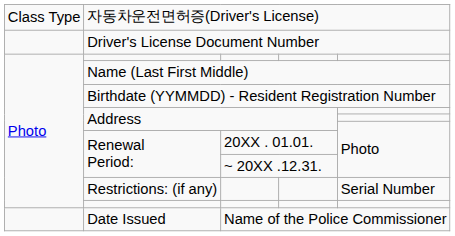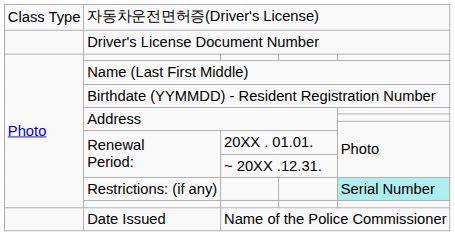 <table class="wikitable">
 <tr>
 <td>Class Type</td>
 <td colspan="4">자동차운전면허증(Driver's License)</td>
 </tr>
 <tr>
 <td></td>
 <td colspan="4">Driver's License Document Number</td>
 </tr>
 <tr>
 <td rowspan="10"><a href='#'>Photo</a></td>
 <td></td>
 <td></td>
 <td></td>
 <td></td>
 </tr>
 <tr>
 <td colspan="4">Name (Last First Middle)</td>
 </tr>
 <tr>
 <td colspan="4">Birthdate (YYMMDD) - Resident Registration Number</td>
 </tr>
 <tr>
 <td colspan="3" rowspan="3">Address</td>
 <td></td>
 </tr>
 <tr>
 <td></td>
 </tr>
 <tr>
 <td rowspan="3">Photo</td>
 </tr>
 <tr>
 <td rowspan="2">Renewal<br>Period:</td>
 <td colspan="2">20XX . 01.01.</td>
 </tr>
 <tr>
 <td colspan="2">~ 20XX .12.31.</td>
 </tr>
 <tr>
 <td>Restrictions: (if any)</td>
 <td></td>
 <td></td>
-<td>Serial Number</td>
+<td style="background: paleturquoise;">Serial Number</td>
 </tr>
 <tr>
 <td></td>
 <td></td>
 <td></td>
 <td></td>
 </tr>
 <tr>
 <td></td>
 <td>Date Issued</td>
 <td colspan="3">Name of the Police Commissioner</td>
 </tr>
 </table>
